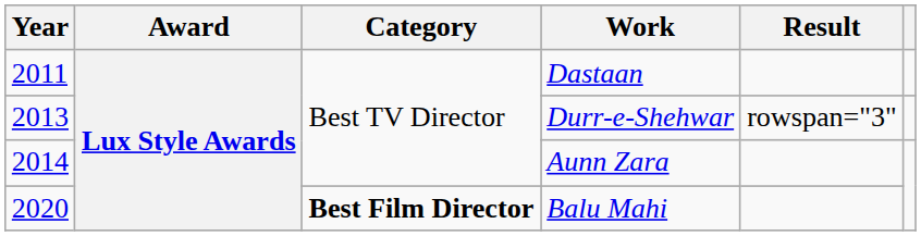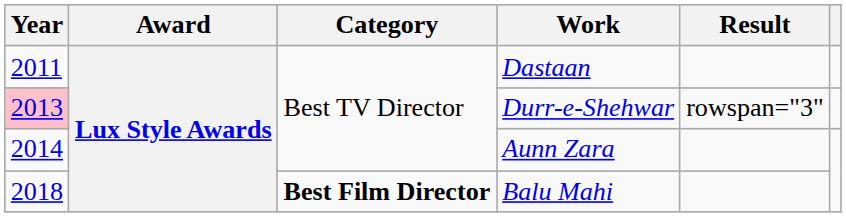 <table class="wikitable plainrowheaders">
 <tr>
 <th>Year</th>
 <th>Award</th>
 <th>Category</th>
 <th>Work</th>
 <th scope="col" class="unsortable">Result</th>
 <th scope="col" class="unsortable"></th>
 </tr>
 <tr>
 <td><a href='#'>2011</a></td>
 <th scope="row" rowspan="4"><a href='#'>Lux Style Awards</a></th>
 <td rowspan="3">Best TV Director</td>
 <td><em><a href='#'>Dastaan</a></em></td>
 <td></td>
 <td></td>
 </tr>
 <tr>
-<td><a href='#'>2013</a></td>
+<td style="background: pink;"><a href='#'>2013</a></td>
 <td><em><a href='#'>Durr-e-Shehwar</a></em></td>
 <td>rowspan="3" </td>
 <td></td>
 </tr>
 <tr>
 <td><a href='#'>2014</a></td>
 <td><em><a href='#'>Aunn Zara</a></em></td>
 <td></td>
 </tr>
 <tr>
-<td><a href='#'>2020</a></td>
+<td><a href='#'>2018</a></td>
 <td><strong>Best Film Director</strong></td>
 <td><em><a href='#'>Balu Mahi</a></em></td>
 <td></td>
 </tr>
 </table>
